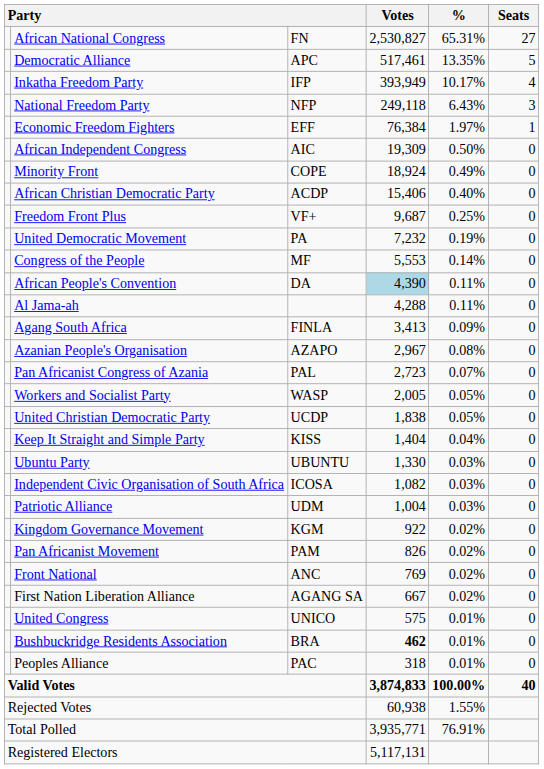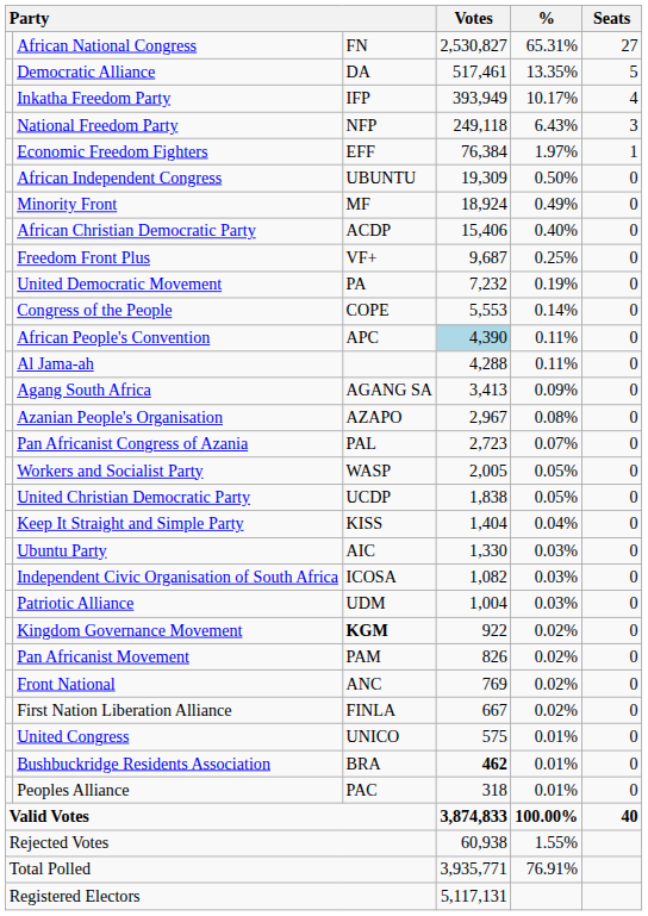 <table class="wikitable" border="1" style="text-align:right;">
 <tr>
 <th style="text-align:left;" colspan=3>Party</th>
 <th align=center width="50">Votes</th>
 <th align=center width="50">%</th>
 <th align=center width="50">Seats</th>
 </tr>
 <tr>
 <td style="background:"></td>
 <td align=left><a href='#'>African National Congress</a></td>
 <td align=left>FN</td>
 <td>2,530,827</td>
 <td>65.31%</td>
 <td>27</td>
 </tr>
 <tr>
 <td style="background:"></td>
 <td align=left><a href='#'>Democratic Alliance</a></td>
-<td align=left>APC</td>
+<td align=left>DA</td>
 <td>517,461</td>
 <td>13.35%</td>
 <td>5</td>
 </tr>
 <tr>
 <td style="background:"></td>
 <td align=left><a href='#'>Inkatha Freedom Party</a></td>
 <td align=left>IFP</td>
 <td>393,949</td>
 <td>10.17%</td>
 <td>4</td>
 </tr>
 <tr>
 <td style="background:"></td>
 <td align=left><a href='#'>National Freedom Party</a></td>
 <td align=left>NFP</td>
 <td>249,118</td>
 <td>6.43%</td>
 <td>3</td>
 </tr>
 <tr>
 <td style="background:"></td>
 <td align=left><a href='#'>Economic Freedom Fighters</a></td>
 <td align=left>EFF</td>
 <td>76,384</td>
 <td>1.97%</td>
 <td>1</td>
 </tr>
 <tr>
 <td style="background:"></td>
 <td align=left><a href='#'>African Independent Congress</a></td>
-<td align=left>AIC</td>
+<td align=left>UBUNTU</td>
 <td>19,309</td>
 <td>0.50%</td>
 <td>0</td>
 </tr>
 <tr>
 <td style="background:"></td>
 <td align=left><a href='#'>Minority Front</a></td>
-<td align=left>COPE</td>
+<td align=left>MF</td>
 <td>18,924</td>
 <td>0.49%</td>
 <td>0</td>
 </tr>
 <tr>
 <td style="background:"></td>
 <td align=left><a href='#'>African Christian Democratic Party</a></td>
 <td align=left>ACDP</td>
 <td>15,406</td>
 <td>0.40%</td>
 <td>0</td>
 </tr>
 <tr>
 <td style="background:"></td>
 <td align=left><a href='#'>Freedom Front Plus</a></td>
 <td align=left>VF+</td>
 <td>9,687</td>
 <td>0.25%</td>
 <td>0</td>
 </tr>
 <tr>
 <td style="background:"></td>
 <td align=left><a href='#'>United Democratic Movement</a></td>
 <td align=left>PA</td>
 <td>7,232</td>
 <td>0.19%</td>
 <td>0</td>
 </tr>
 <tr>
 <td style="background:"></td>
 <td align=left><a href='#'>Congress of the People</a></td>
-<td align=left>MF</td>
+<td align=left>COPE</td>
 <td>5,553</td>
 <td>0.14%</td>
 <td>0</td>
 </tr>
 <tr>
 <td style="background:"></td>
 <td align=left><a href='#'>African People's Convention</a></td>
-<td align=left>DA</td>
+<td align=left>APC</td>
 <td style="background: lightblue;">4,390</td>
 <td>0.11%</td>
 <td>0</td>
 </tr>
 <tr>
 <td style="background:"></td>
 <td align=left><a href='#'>Al Jama-ah</a></td>
 <td align=left></td>
 <td>4,288</td>
 <td>0.11%</td>
 <td>0</td>
 </tr>
 <tr>
 <td style="background:"></td>
 <td align=left><a href='#'>Agang South Africa</a></td>
-<td align=left>FINLA</td>
+<td align=left>AGANG SA</td>
 <td>3,413</td>
 <td>0.09%</td>
 <td>0</td>
 </tr>
 <tr>
 <td style="background:"></td>
 <td align=left><a href='#'>Azanian People's Organisation</a></td>
 <td align=left>AZAPO</td>
 <td>2,967</td>
 <td>0.08%</td>
 <td>0</td>
 </tr>
 <tr>
 <td style="background:"></td>
 <td align=left><a href='#'>Pan Africanist Congress of Azania</a></td>
 <td align=left>PAL</td>
 <td>2,723</td>
 <td>0.07%</td>
 <td>0</td>
 </tr>
 <tr>
 <td style="background:"></td>
 <td align=left><a href='#'>Workers and Socialist Party</a></td>
 <td align=left>WASP</td>
 <td>2,005</td>
 <td>0.05%</td>
 <td>0</td>
 </tr>
 <tr>
 <td style="background:"></td>
 <td align=left><a href='#'>United Christian Democratic Party</a></td>
 <td align=left>UCDP</td>
 <td>1,838</td>
 <td>0.05%</td>
 <td>0</td>
 </tr>
 <tr>
 <td style="background:"></td>
 <td align=left><a href='#'>Keep It Straight and Simple Party</a></td>
 <td align=left>KISS</td>
 <td>1,404</td>
 <td>0.04%</td>
 <td>0</td>
 </tr>
 <tr>
 <td style="background:"></td>
 <td align=left><a href='#'>Ubuntu Party</a></td>
-<td align=left>UBUNTU</td>
+<td align=left>AIC</td>
 <td>1,330</td>
 <td>0.03%</td>
 <td>0</td>
 </tr>
 <tr>
 <td style="background:"></td>
 <td align=left><a href='#'>Independent Civic Organisation of South Africa</a></td>
 <td align=left>ICOSA</td>
 <td>1,082</td>
 <td>0.03%</td>
 <td>0</td>
 </tr>
 <tr>
 <td style="background:"></td>
 <td align=left><a href='#'>Patriotic Alliance</a></td>
 <td align=left>UDM</td>
 <td>1,004</td>
 <td>0.03%</td>
 <td>0</td>
 </tr>
 <tr>
 <td></td>
 <td align=left><a href='#'>Kingdom Governance Movement</a></td>
-<td align=left>KGM</td>
+<td align=left><strong>KGM</strong></td>
 <td>922</td>
 <td>0.02%</td>
 <td>0</td>
 </tr>
 <tr>
 <td style="background:"></td>
 <td align=left><a href='#'>Pan Africanist Movement</a></td>
 <td align=left>PAM</td>
 <td>826</td>
 <td>0.02%</td>
 <td>0</td>
 </tr>
 <tr>
 <td style="background:"></td>
 <td align=left><a href='#'>Front National</a></td>
 <td align=left>ANC</td>
 <td>769</td>
 <td>0.02%</td>
 <td>0</td>
 </tr>
 <tr>
 <td></td>
 <td align=left>First Nation Liberation Alliance</td>
-<td align=left>AGANG SA</td>
+<td align=left>FINLA</td>
 <td>667</td>
 <td>0.02%</td>
 <td>0</td>
 </tr>
 <tr>
 <td style="background:"></td>
 <td align=left><a href='#'>United Congress</a></td>
 <td align=left>UNICO</td>
 <td>575</td>
 <td>0.01%</td>
 <td>0</td>
 </tr>
 <tr>
 <td style="background:"></td>
 <td align=left><a href='#'>Bushbuckridge Residents Association</a></td>
 <td align=left>BRA</td>
 <td><strong>462</strong></td>
 <td>0.01%</td>
 <td>0</td>
 </tr>
 <tr>
 <td></td>
 <td align=left>Peoples Alliance</td>
 <td align=left>PAC</td>
 <td>318</td>
 <td>0.01%</td>
 <td>0</td>
 </tr>
 <tr style="font-weight:bold">
 <td align=left colspan=3>Valid Votes</td>
 <td>3,874,833</td>
 <td>100.00%</td>
 <td>40</td>
 </tr>
 <tr>
 <td align=left colspan=3>Rejected Votes</td>
 <td>60,938</td>
 <td>1.55%</td>
 <td></td>
 </tr>
 <tr>
 <td align=left colspan=3>Total Polled</td>
 <td>3,935,771</td>
 <td>76.91%</td>
 <td></td>
 </tr>
 <tr>
 <td align=left colspan=3>Registered Electors</td>
 <td>5,117,131</td>
 <td></td>
 <td></td>
 </tr>
 </table>
